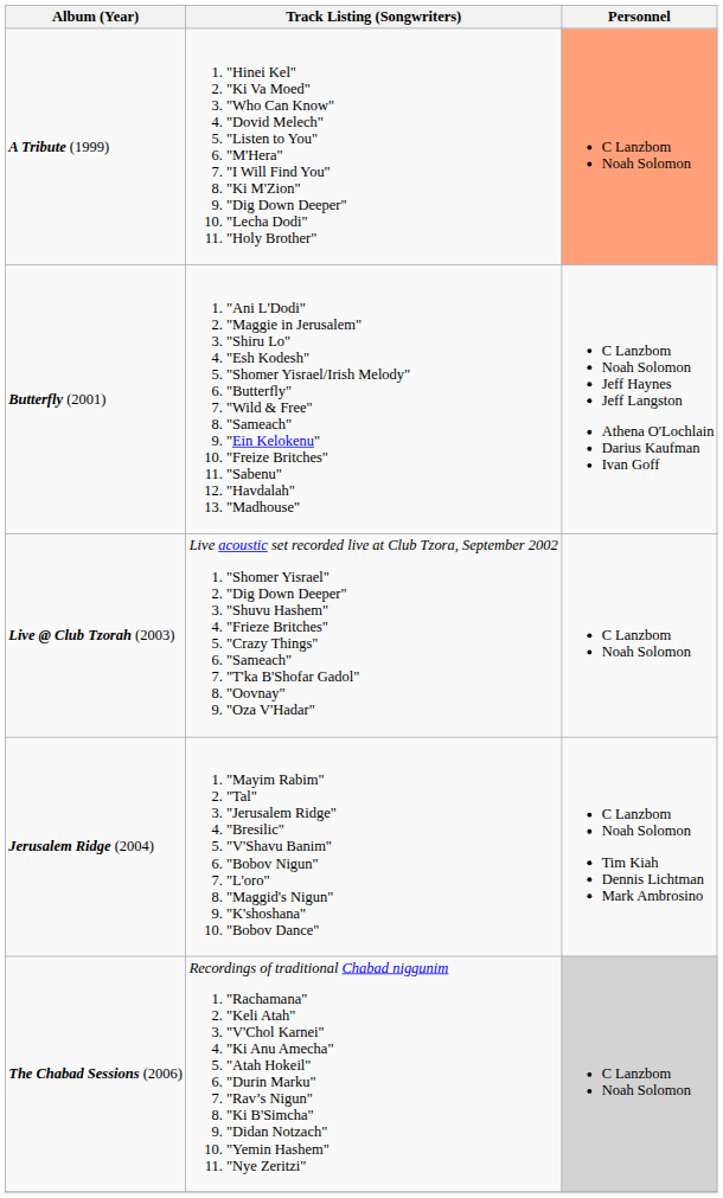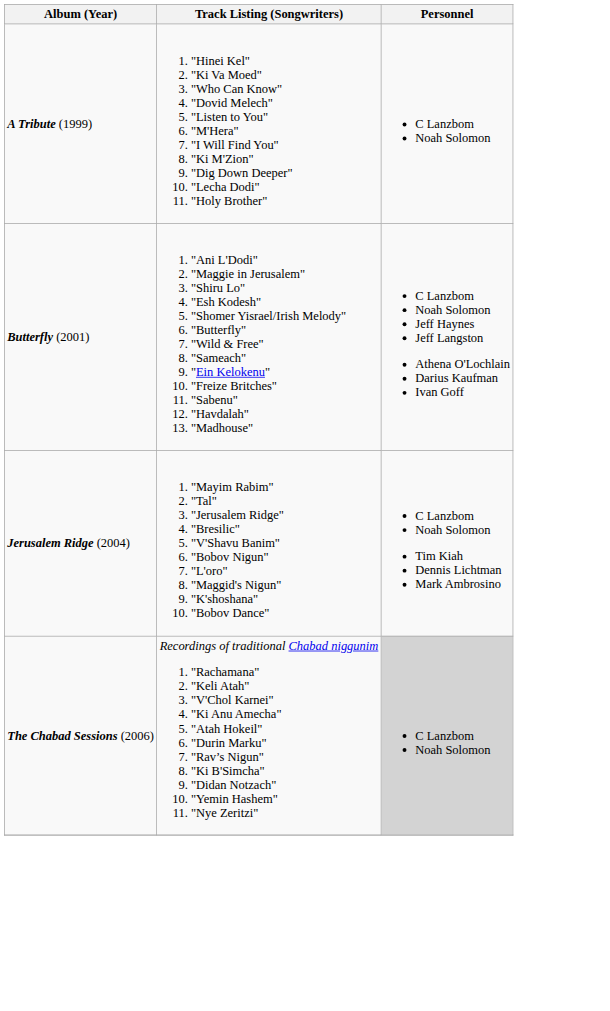 <table class="wikitable" border="1">
 <tr>
 <th>Album (Year)</th>
 <th>Track Listing (Songwriters)</th>
 <th>Personnel</th>
 </tr>
 <tr>
 <td><strong><em>A Tribute</em></strong> (1999)</td>
 <td><br><ol><li>"Hinei Kel"</li><li>"Ki Va Moed"</li><li>"Who Can Know"</li><li>"Dovid Melech"</li><li>"Listen to You"</li><li>"M'Hera"</li><li>"I Will Find You"</li><li>"Ki M'Zion"</li><li>"Dig Down Deeper"</li><li>"Lecha Dodi"</li><li>"Holy Brother"</li></ol></td>
-<td style="background: lightsalmon;"><br><ul><li>C Lanzbom</li><li>Noah Solomon</li></ul></td>
+<td><br><ul><li>C Lanzbom</li><li>Noah Solomon</li></ul></td>
 </tr>
 <tr>
 <td><strong><em>Butterfly</em></strong> (2001)</td>
 <td><br><ol><li>"Ani L'Dodi"</li><li>"Maggie in Jerusalem"</li><li>"Shiru Lo"</li><li>"Esh Kodesh"</li><li>"Shomer Yisrael/Irish Melody"</li><li>"Butterfly"</li><li>"Wild & Free"</li><li>"Sameach"</li><li>"<a href='#'>Ein Kelokenu</a>"</li><li>"Freize Britches"</li><li>"Sabenu"</li><li>"Havdalah"</li><li>"Madhouse"</li></ol></td>
 <td><br><ul><li>C Lanzbom</li><li>Noah Solomon</li><li>Jeff Haynes</li><li>Jeff Langston</li></ul><ul><li>Athena O'Lochlain</li><li>Darius Kaufman</li><li>Ivan Goff</li></ul></td>
-</tr>
-<tr>
-<td><strong><em>Live @ Club Tzorah</em></strong> (2003)</td>
-<td><em>Live <a href='#'>acoustic</a> set recorded live at Club Tzora, September 2002</em><br><ol><li>"Shomer Yisrael"</li><li>"Dig Down Deeper"</li><li>"Shuvu Hashem"</li><li>"Frieze Britches"</li><li>"Crazy Things"</li><li>"Sameach"</li><li>"T'ka B'Shofar Gadol"</li><li>"Oovnay"</li><li>"Oza V'Hadar"</li></ol></td>
-<td><br><ul><li>C Lanzbom</li><li>Noah Solomon</li></ul></td>
 </tr>
 <tr>
 <td><strong><em>Jerusalem Ridge</em></strong> (2004)</td>
 <td><br><ol><li>"Mayim Rabim"</li><li>"Tal"</li><li>"Jerusalem Ridge"</li><li>"Bresilic"</li><li>"V'Shavu Banim"</li><li>"Bobov Nigun"</li><li>"L'oro"</li><li>"Maggid's Nigun"</li><li>"K'shoshana"</li><li>"Bobov Dance"</li></ol></td>
 <td><br><ul><li>C Lanzbom</li><li>Noah Solomon</li></ul><ul><li>Tim Kiah</li><li>Dennis Lichtman</li><li>Mark Ambrosino</li></ul></td>
 </tr>
 <tr>
 <td><strong><em>The Chabad Sessions</em></strong> (2006)</td>
 <td><em>Recordings of traditional <a href='#'>Chabad niggunim</a></em><br><ol><li>"Rachamana"</li><li>"Keli Atah"</li><li>"V'Chol Karnei"</li><li>"Ki Anu Amecha"</li><li>"Atah Hokeil"</li><li>"Durin Marku"</li><li>"Rav’s Nigun"</li><li>"Ki B'Simcha"</li><li>"Didan Notzach"</li><li>"Yemin Hashem"</li><li>"Nye Zeritzi"</li></ol></td>
 <td style="background: lightgrey;"><br><ul><li>C Lanzbom</li><li>Noah Solomon</li></ul></td>
 </tr>
 <tr>
 </tr>
 </table>
